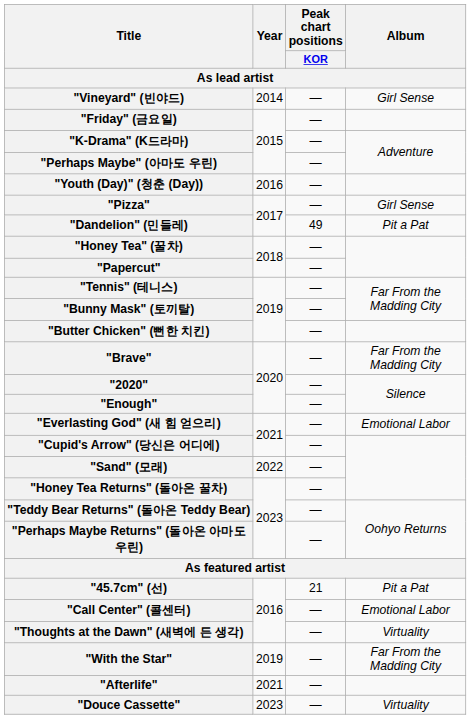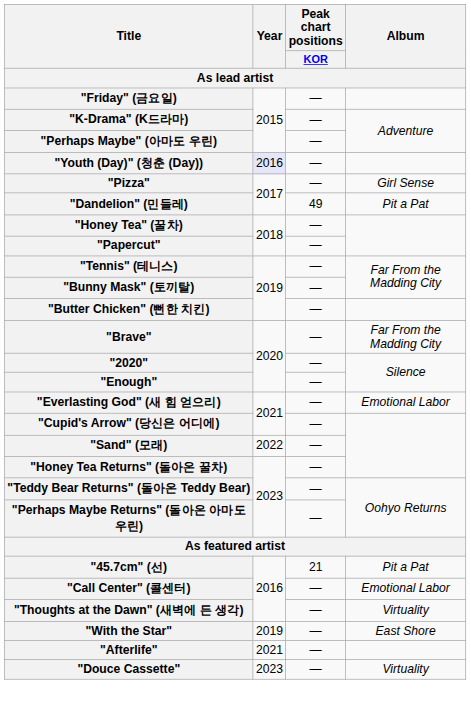 <table class="wikitable plainrowheaders" style="text-align:center;">
 <tr>
 <th scope="col" rowspan="2" style="width:20em;">Title</th>
 <th scope="col" rowspan="2">Year</th>
 <th scope="col">Peak chart positions</th>
 <th scope="col" rowspan="2">Album</th>
 </tr>
 <tr>
 <th scope="col" style="width:2.5em;font-size:90%;"><a href='#'>KOR</a><br></th>
 </tr>
 <tr>
 <th colspan="4">As lead artist</th>
-</tr>
-<tr>
-<th scope="row">"Vineyard" (빈야드)</th>
-<td>2014</td>
-<td>—</td>
-<td><em>Girl Sense</em></td>
 </tr>
 <tr>
 <th scope="row">"Friday" (금요일) </th>
 <td rowspan="3">2015</td>
 <td>—</td>
 <td></td>
 </tr>
 <tr>
 <th scope="row">"K-Drama" (K드라마)</th>
 <td>—</td>
 <td rowspan="2"><em>Adventure</em></td>
 </tr>
 <tr>
 <th scope="row">"Perhaps Maybe" (아마도 우린)</th>
 <td>—</td>
 </tr>
 <tr>
 <th scope="row">"Youth (Day)" (청춘 (Day))</th>
-<td>2016</td>
+<td style="background: lavender;">2016</td>
 <td>—</td>
 <td></td>
 </tr>
 <tr>
 <th scope="row">"Pizza"</th>
 <td rowspan="2">2017</td>
 <td>—</td>
 <td><em>Girl Sense</em></td>
 </tr>
 <tr>
 <th scope="row">"Dandelion" (민들레)</th>
 <td>49</td>
 <td><em>Pit a Pat</em></td>
 </tr>
 <tr>
 <th scope="row">"Honey Tea" (꿀차)</th>
 <td rowspan="2">2018</td>
 <td>—</td>
 </tr>
 <tr>
 <th scope="row">"Papercut"</th>
 <td>—</td>
 </tr>
 <tr>
 <th scope="row">"Tennis" (테니스)</th>
 <td rowspan="3">2019</td>
 <td>—</td>
 <td rowspan="2"><em>Far From the Madding City</em></td>
 </tr>
 <tr>
 <th scope="row">"Bunny Mask" (토끼탈)</th>
 <td>—</td>
 </tr>
 <tr>
 <th scope="row">"Butter Chicken" (뻔한 치킨)</th>
 <td>—</td>
 <td></td>
 </tr>
 <tr>
 <th scope="row">"Brave"</th>
 <td rowspan="3">2020</td>
 <td>—</td>
 <td><em>Far From the Madding City</em></td>
 </tr>
 <tr>
 <th scope="row">"2020"</th>
 <td>—</td>
 <td rowspan="2"><em>Silence</em></td>
 </tr>
 <tr>
 <th scope="row">"Enough"</th>
 <td>—</td>
 </tr>
 <tr>
 <th scope="row">"Everlasting God" (새 힘 얻으리)</th>
 <td rowspan="2">2021</td>
 <td>—</td>
 <td><em>Emotional Labor</em></td>
 </tr>
 <tr>
 <th scope="row">"Cupid's Arrow" (당신은 어디에)</th>
 <td>—</td>
 </tr>
 <tr>
 <th scope="row">"Sand" (모래)</th>
 <td>2022</td>
 <td>—</td>
 </tr>
 <tr>
 <th scope="row">"Honey Tea Returns" (돌아온 꿀차)</th>
 <td rowspan="3">2023</td>
 <td>—</td>
 </tr>
 <tr>
 <th scope="row">"Teddy Bear Returns" (돌아온 Teddy Bear)</th>
 <td>—</td>
 <td rowspan="2"><em>Oohyo Returns</em></td>
 </tr>
 <tr>
 <th scope="row">"Perhaps Maybe Returns" (돌아온 아마도우린)</th>
 <td>—</td>
 </tr>
 <tr>
 <th colspan="4">As featured artist</th>
 </tr>
 <tr>
 <th scope="row">"45.7cm" (선) </th>
 <td rowspan="3">2016</td>
 <td>21</td>
 <td><em>Pit a Pat</em></td>
 </tr>
 <tr>
 <th scope="row">"Call Center" (콜센터) </th>
 <td>—</td>
 <td><em>Emotional Labor</em></td>
 </tr>
 <tr>
 <th scope="row">"Thoughts at the Dawn" (새벽에 든 생각) </th>
 <td>—</td>
 <td><em>Virtuality</em></td>
 </tr>
 <tr>
 <th scope="row">"With the Star" </th>
 <td>2019</td>
 <td>—</td>
-<td><em>Far From the Madding City</em></td>
+<td><em>East Shore</em></td>
 </tr>
 <tr>
 <th scope="row">"Afterlife" </th>
 <td>2021</td>
 <td>—</td>
 <td></td>
 </tr>
 <tr>
 <th scope="row">"Douce Cassette" </th>
 <td>2023</td>
 <td>—</td>
 <td><em>Virtuality</em></td>
 </tr>
 </table>
